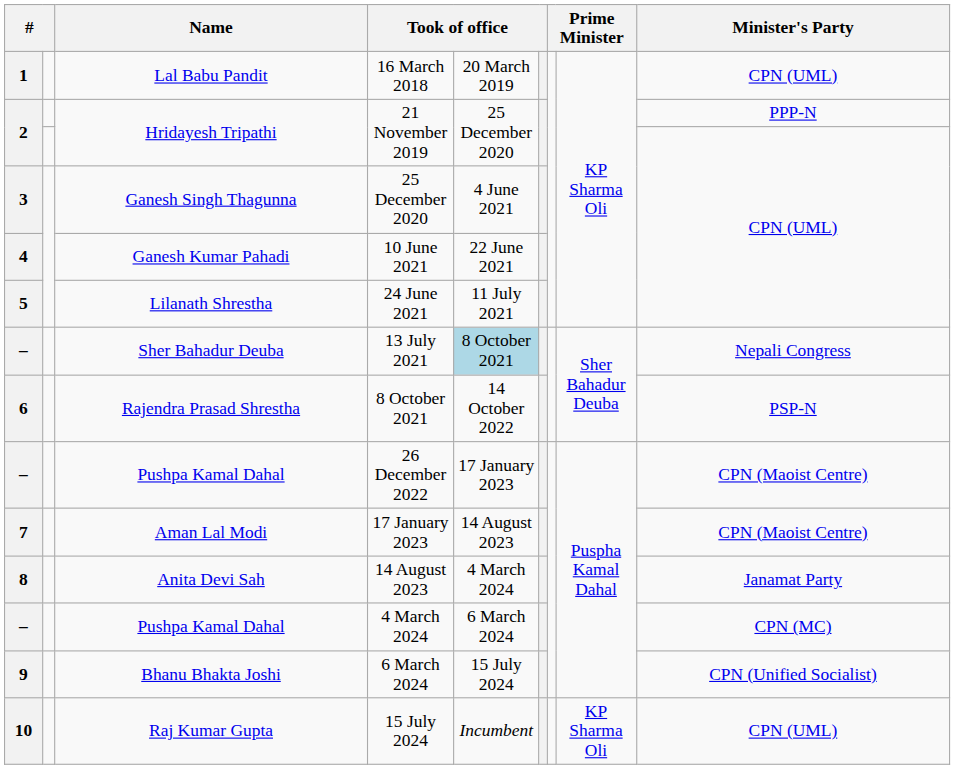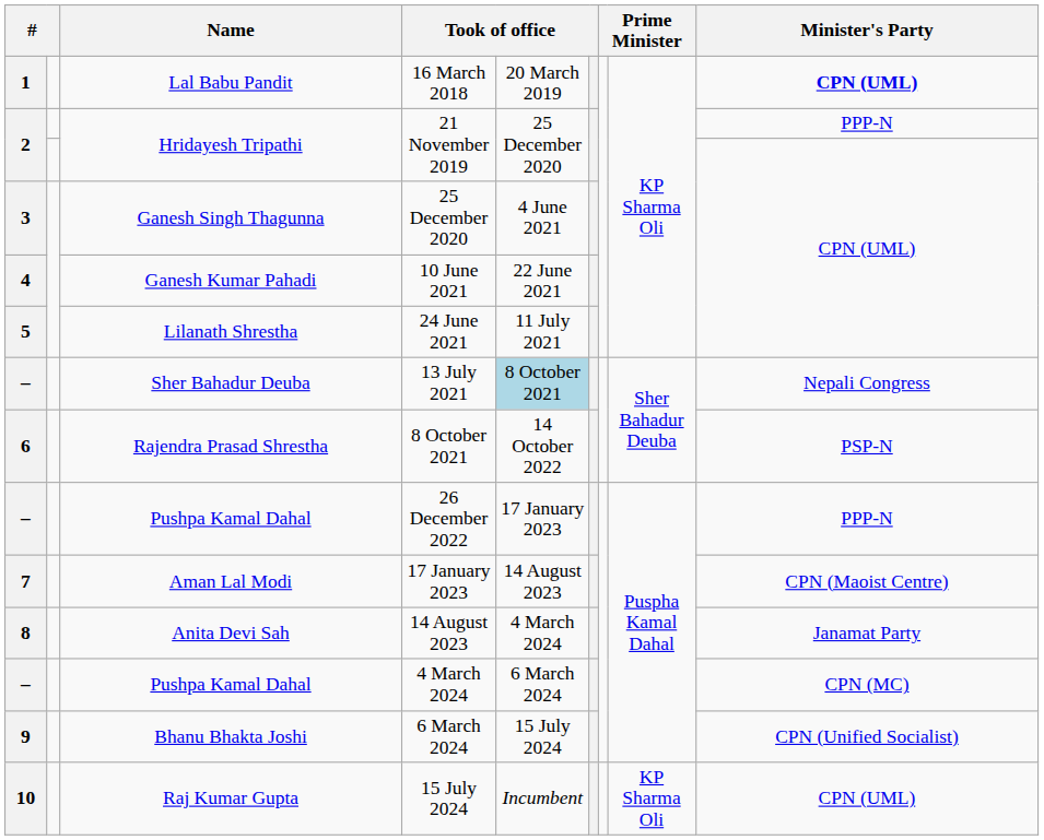 <table class="wikitable"  style="text-align:center">
 <tr>
 <th width=280px colspan="2">#</th>
 <th width=280px>Name</th>
 <th width=280px colspan="3">Took of office</th>
 <th width=280px colspan="2">Prime Minister</th>
 <th width=280px>Minister's Party</th>
 </tr>
 <tr>
 <th>1</th>
 <td style="background-color: "></td>
 <td><a href='#'>Lal Babu Pandit</a><br></td>
 <td>16 March 2018</td>
 <td>20 March 2019</td>
 <th></th>
 <td rowspan="6" style="background-color: "></td>
 <td rowspan ="6"><a href='#'>KP Sharma Oli</a></td>
-<td><a href='#'>CPN (UML)</a></td>
+<td><strong><a href='#'>CPN (UML)</a></strong></td>
 </tr>
 <tr>
 <th rowspan ="2">2</th>
 <td style="background-color: "></td>
 <td rowspan ="2"><a href='#'>Hridayesh Tripathi</a><br></td>
 <td rowspan="2">21 November 2019</td>
 <td rowspan="2">25 December 2020</td>
 <th rowspan="2"></th>
 <td><a href='#'>PPP-N</a></td>
 </tr>
 <tr>
 <td style="background-color: "></td>
 <td rowspan="4"><a href='#'>CPN (UML)</a></td>
 </tr>
 <tr>
 <th>3</th>
 <td rowspan="3" style="background-color: "></td>
 <td><a href='#'>Ganesh Singh Thagunna</a><br></td>
 <td>25 December 2020</td>
 <td>4 June 2021</td>
 <th></th>
 </tr>
 <tr>
 <th>4</th>
 <td><a href='#'>Ganesh Kumar Pahadi</a><br></td>
 <td>10 June 2021</td>
 <td>22 June 2021</td>
 <th></th>
 </tr>
 <tr>
 <th>5</th>
 <td><a href='#'>Lilanath Shrestha</a><br></td>
 <td>24 June 2021</td>
 <td>11 July 2021</td>
 <th></th>
 </tr>
 <tr>
 <th>–</th>
 <td style="background-color: "></td>
 <td><a href='#'>Sher Bahadur Deuba</a><br></td>
 <td>13 July 2021</td>
 <td style="background: lightblue;">8 October 2021</td>
 <th></th>
 <td rowspan="2" style="background-color: "></td>
 <td rowspan="2"><a href='#'>Sher Bahadur Deuba</a></td>
 <td><a href='#'>Nepali Congress</a></td>
 </tr>
 <tr>
 <th>6</th>
 <td style="background-color: "></td>
 <td><a href='#'>Rajendra Prasad Shrestha</a><br></td>
 <td>8 October 2021</td>
 <td>14 October 2022</td>
 <th></th>
 <td><a href='#'>PSP-N</a></td>
 </tr>
 <tr>
 <th>–</th>
 <td style="background-color: "></td>
 <td><a href='#'>Pushpa Kamal Dahal</a><br></td>
 <td>26 December 2022</td>
 <td>17 January 2023</td>
 <th></th>
 <td rowspan="5" style="background-color: "></td>
 <td rowspan="5"><a href='#'>Puspha Kamal Dahal</a></td>
-<td><a href='#'>CPN (Maoist Centre)</a></td>
+<td><a href='#'>PPP-N</a></td>
 </tr>
 <tr>
 <th>7</th>
 <td style="background-color: "></td>
 <td><a href='#'>Aman Lal Modi</a><br></td>
 <td>17 January 2023</td>
 <td>14 August 2023</td>
 <th></th>
 <td><a href='#'>CPN (Maoist Centre)</a></td>
 </tr>
 <tr>
 <th>8</th>
 <td style="background-color: "></td>
 <td><a href='#'>Anita Devi Sah</a><br></td>
 <td>14 August 2023</td>
 <td>4 March 2024</td>
 <th></th>
 <td><a href='#'>Janamat Party</a></td>
 </tr>
 <tr>
 <th>–</th>
 <td style="background-color: "></td>
 <td><a href='#'>Pushpa Kamal Dahal</a><br></td>
 <td>4 March 2024</td>
 <td>6 March 2024</td>
 <th></th>
 <td><a href='#'>CPN (MC)</a></td>
 </tr>
 <tr>
 <th>9</th>
 <td style="background-color: "></td>
 <td><a href='#'>Bhanu Bhakta Joshi</a><br></td>
 <td>6 March 2024</td>
 <td>15 July 2024</td>
 <th></th>
 <td><a href='#'>CPN (Unified Socialist)</a></td>
 </tr>
 <tr>
 <th>10</th>
 <td style="background-color: "></td>
 <td><a href='#'>Raj Kumar Gupta</a><br> </td>
 <td>15 July 2024</td>
 <td><em>Incumbent</em></td>
 <th></th>
 <td rowspan="1" style="background-color: "></td>
 <td rowspan="1"><a href='#'>KP Sharma Oli</a></td>
 <td><a href='#'>CPN (UML)</a></td>
 </tr>
 </table>
